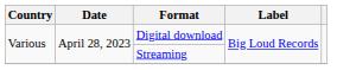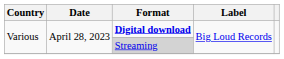 <table class="wikitable">
 <tr>
 <th>Country</th>
 <th>Date</th>
 <th>Format</th>
 <th>Label</th>
 <th></th>
 </tr>
 <tr>
 <td rowspan="2">Various</td>
 <td rowspan="2">April 28, 2023</td>
-<td><a href='#'>Digital download</a></td>
+<td><strong><a href='#'>Digital download</a></strong></td>
 <td rowspan="2"><a href='#'>Big Loud Records</a></td>
 <td rowspan="2"><br></td>
 </tr>
 <tr>
-<td><a href='#'>Streaming</a></td>
+<td style="background: lightgrey;"><a href='#'>Streaming</a></td>
 </tr>
 <tr>
 </tr>
 </table>
